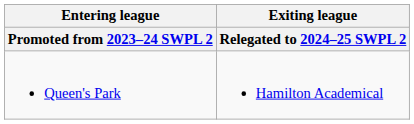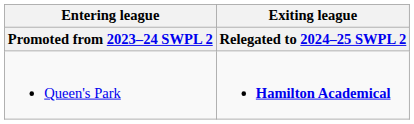 <table class="wikitable">
 <tr>
 <th>Entering league</th>
 <th>Exiting league</th>
 </tr>
 <tr>
 <th>Promoted from <a href='#'>2023–24 SWPL 2</a></th>
 <th>Relegated to <a href='#'>2024–25 SWPL 2</a></th>
 </tr>
 <tr style="vertical-align:top;">
 <td><br><ul><li><a href='#'>Queen's Park</a></li></ul></td>
-<td><br><ul><li><a href='#'>Hamilton Academical</a></li></ul></td>
+<td><strong><br><ul><li><a href='#'>Hamilton Academical</a></li></ul></strong></td>
 </tr>
 </table>
